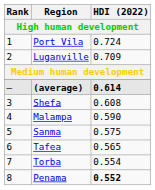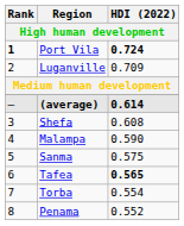 <table class="wikitable sortable">
 <tr>
 <th>Rank</th>
 <th>Region</th>
 <th>HDI (2022)</th>
 </tr>
 <tr>
 <th colspan="3" style="color:#0c0;">High human development</th>
 </tr>
 <tr>
-<td>1</td>
+<td><strong>1</strong></td>
 <td><a href='#'>Port Vila</a></td>
-<td>0.724</td>
+<td><strong>0.724</strong></td>
 </tr>
 <tr>
 <td>2</td>
 <td> <a href='#'>Luganville</a></td>
 <td>0.709</td>
 </tr>
 <tr>
 <th colspan="3" style="color:#fc0;">Medium human development</th>
 </tr>
 <tr>
 </tr>
 <tr style="background:#e6e6e6">
 <td>–</td>
 <td><strong> (average)</strong></td>
 <td><strong>0.614</strong></td>
 </tr>
 <tr>
 <td>3</td>
 <td> <a href='#'>Shefa</a></td>
 <td>0.608</td>
 </tr>
 <tr>
 <td>4</td>
 <td> <a href='#'>Malampa</a></td>
 <td>0.590</td>
 </tr>
 <tr>
 <td>5</td>
 <td> <a href='#'>Sanma</a></td>
 <td>0.575</td>
 </tr>
 <tr>
 <td>6</td>
 <td> <a href='#'>Tafea</a></td>
-<td>0.565</td>
+<td><strong>0.565</strong></td>
 </tr>
 <tr>
 <td>7</td>
 <td> <a href='#'>Torba</a></td>
 <td>0.554</td>
 </tr>
 <tr>
 <td>8</td>
 <td> <a href='#'>Penama</a></td>
-<td><strong>0.552</strong></td>
+<td>0.552</td>
 </tr>
 </table>
